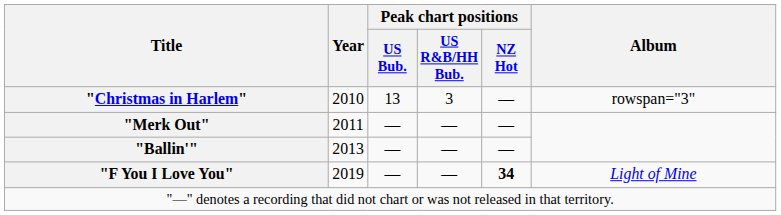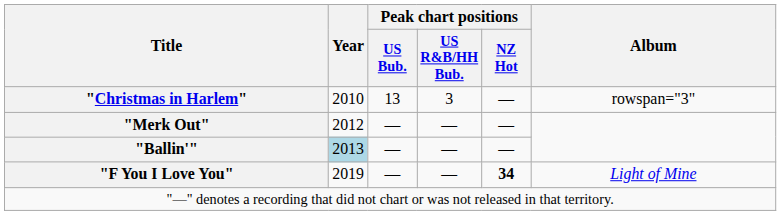 <table class="wikitable plainrowheaders" style="text-align:center;">
 <tr>
 <th scope="col" rowspan="2" style="width:20em;">Title</th>
 <th scope="col" rowspan="2" style="width:1em;">Year</th>
 <th scope="col" colspan="3">Peak chart positions</th>
 <th scope="col" rowspan="2" style="width:15em;">Album</th>
 </tr>
 <tr>
 <th scope="col" style="width:3em;font-size:90%;"><a href='#'>US<br>Bub.</a><br></th>
 <th scope="col" style="width:3em;font-size:90%;"><a href='#'>US<br>R&B/HH<br>Bub.</a><br></th>
 <th scope="col" style="width:3em;font-size:90%;"><a href='#'>NZ<br>Hot</a><br></th>
 </tr>
 <tr>
 <th scope="row">"<a href='#'>Christmas in Harlem</a>"<br></th>
 <td>2010</td>
 <td>13</td>
 <td>3</td>
 <td>—</td>
 <td>rowspan="3" </td>
 </tr>
 <tr>
 <th scope="row">"Merk Out"<br></th>
-<td>2011</td>
+<td>2012</td>
 <td>—</td>
 <td>—</td>
 <td>—</td>
 </tr>
 <tr>
 <th scope="row">"Ballin'"<br></th>
-<td>2013</td>
+<td style="background: lightblue;">2013</td>
 <td>—</td>
 <td>—</td>
 <td>—</td>
 </tr>
 <tr>
 <th scope="row">"F You I Love You"<br></th>
 <td>2019</td>
 <td>—</td>
 <td>—</td>
 <td><strong>34</strong></td>
 <td><em><a href='#'>Light of Mine</a></em></td>
 </tr>
 <tr>
 <td colspan="15" style="font-size:90%">"—" denotes a recording that did not chart or was not released in that territory.</td>
 </tr>
 </table>
